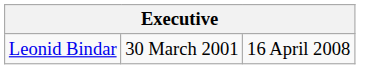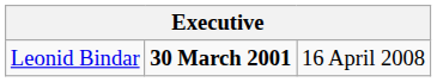 <table class="wikitable sortable">
 <tr>
 <th colspan=3>Executive</th>
 </tr>
 <tr>
 <td><a href='#'>Leonid Bindar</a></td>
-<td>30 March 2001</td>
+<td><strong>30 March 2001</strong></td>
 <td>16 April 2008</td>
 </tr>
 </table>
